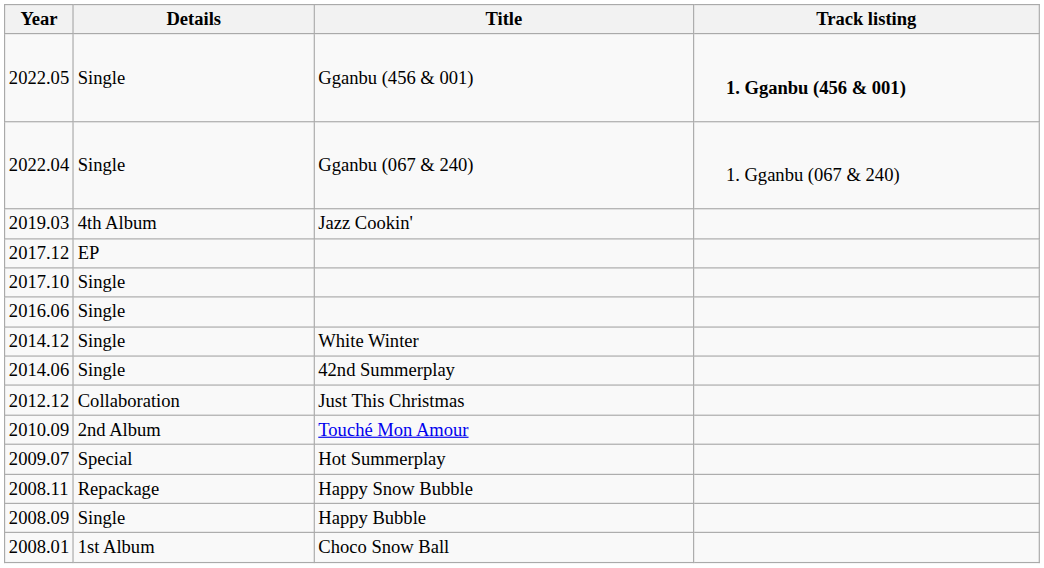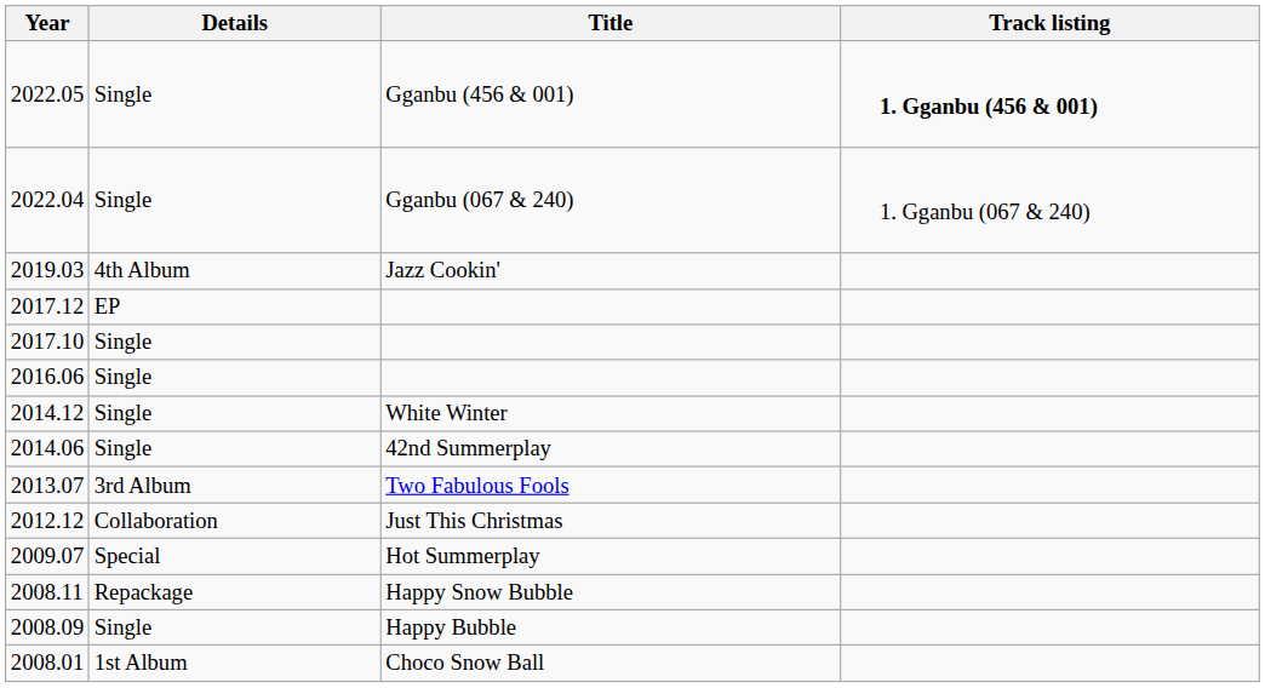 <table class="wikitable">
 <tr>
 <th style="width:50px;">Year</th>
 <th style="width:200px;">Details</th>
 <th style="width:320px;">Title</th>
 <th style="width:290px;">Track listing</th>
 </tr>
 <tr>
 <td>2022.05</td>
 <td>Single</td>
 <td>Gganbu (456 & 001)</td>
 <td><strong><br><ol><li>Gganbu (456 & 001)</li></ol></strong></td>
 </tr>
 <tr>
 <td>2022.04</td>
 <td>Single</td>
 <td>Gganbu (067 & 240)</td>
 <td><br><ol><li>Gganbu (067 & 240)</li></ol></td>
 </tr>
 <tr>
 <td>2019.03</td>
 <td>4th Album</td>
 <td>Jazz Cookin'</td>
 <td style="font-size: 85%;"></td>
 </tr>
 <tr>
 <td>2017.12</td>
 <td>EP</td>
 <td></td>
 <td style="font-size: 85%;"></td>
 </tr>
 <tr>
 <td>2017.10</td>
 <td>Single</td>
 <td></td>
 <td style="font-size: 85%;"></td>
 </tr>
 <tr>
 <td>2016.06</td>
 <td>Single</td>
 <td></td>
 <td style="font-size: 85%;"></td>
 </tr>
 <tr>
 <td>2014.12</td>
 <td>Single</td>
 <td>White Winter</td>
 <td style="font-size: 85%;"></td>
 </tr>
 <tr>
 <td>2014.06</td>
 <td>Single</td>
 <td>42nd Summerplay</td>
 <td style="font-size: 85%;"></td>
 </tr>
 <tr>
+<td>2013.07</td>
+<td>3rd Album</td>
+<td><a href='#'>Two Fabulous Fools</a></td>
+<td style="font-size: 85%;"></td>
+</tr>
+<tr>
 <td>2012.12</td>
 <td>Collaboration</td>
 <td>Just This Christmas</td>
-<td style="font-size: 85%;"></td>
-</tr>
-<tr>
-<td>2010.09</td>
-<td>2nd Album</td>
-<td><a href='#'>Touché Mon Amour</a></td>
 <td style="font-size: 85%;"></td>
 </tr>
 <tr>
 <td>2009.07</td>
 <td>Special</td>
 <td>Hot Summerplay</td>
 <td style="font-size: 85%;"></td>
 </tr>
 <tr>
 <td>2008.11</td>
 <td>Repackage</td>
 <td>Happy Snow Bubble</td>
 <td style="font-size: 85%;"></td>
 </tr>
 <tr>
 <td>2008.09</td>
 <td>Single</td>
 <td>Happy Bubble</td>
 <td style="font-size: 85%;"></td>
 </tr>
 <tr>
 <td>2008.01</td>
 <td>1st Album</td>
 <td>Choco Snow Ball</td>
 <td style="font-size: 85%;"></td>
 </tr>
 </table>
